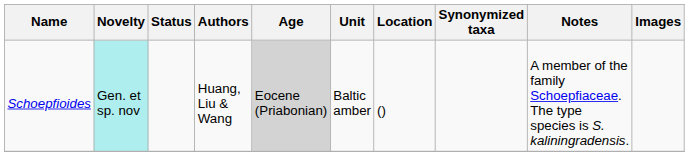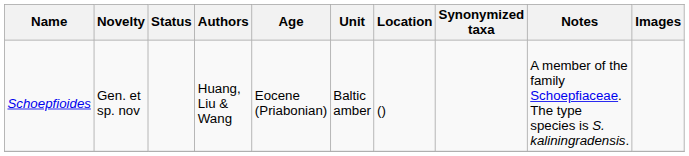 <table class="wikitable sortable" align="center" width="100%">
 <tr>
 <th>Name</th>
 <th>Novelty</th>
 <th>Status</th>
 <th>Authors</th>
 <th>Age</th>
 <th>Unit</th>
 <th>Location</th>
 <th>Synonymized taxa</th>
 <th>Notes</th>
 <th>Images</th>
 </tr>
 <tr>
 <td><br><em><a href='#'>Schoepfioides</a></em></td>
-<td style="background: paleturquoise;"><br>Gen. et sp. nov</td>
+<td><br>Gen. et sp. nov</td>
 <td></td>
 <td><br>Huang, Liu & Wang</td>
-<td style="background: lightgrey;"><br>Eocene (Priabonian)</td>
+<td><br>Eocene (Priabonian)</td>
 <td><br>Baltic amber</td>
 <td><br><br>()</td>
 <td></td>
 <td><br>A member of the family <a href='#'>Schoepfiaceae</a>. The type species is <em>S. kaliningradensis</em>.</td>
 <td></td>
 </tr>
 <tr>
 </tr>
 </table>
